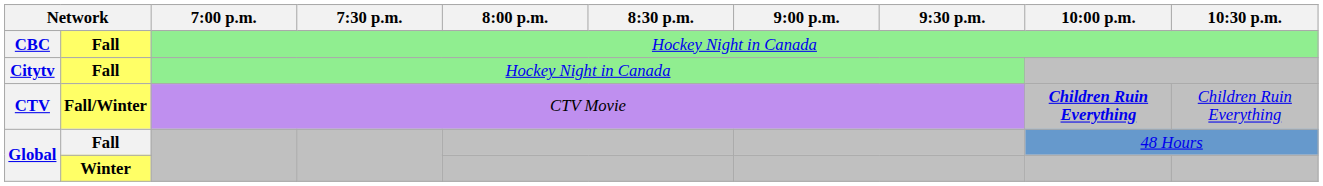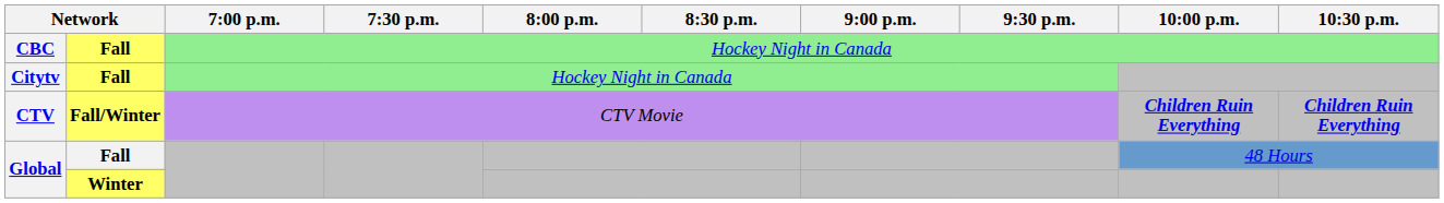 <table class=wikitable style=width:100%;margin-right:0;text-align:center>
 <tr>
 <th style=width:8% colspan=2>Network</th>
 <th style=width:11.5%>7:00 p.m.</th>
 <th style=width:11.5%>7:30 p.m.</th>
 <th style=width:11.5%>8:00 p.m.</th>
 <th style=width:11.5%>8:30 p.m.</th>
 <th style=width:11.5%>9:00 p.m.</th>
 <th style=width:11.5%>9:30 p.m.</th>
 <th style=width:11.5%>10:00 p.m.</th>
 <th style=width:11.5%>10:30 p.m.</th>
 </tr>
 <tr>
 <th><a href='#'>CBC</a></th>
 <th style="background:#FFFF66;">Fall</th>
 <td colspan=8 style=background:lightgreen><em><a href='#'>Hockey Night in Canada</a></em> </td>
 </tr>
 <tr>
 <th><a href='#'>Citytv</a></th>
 <th style="background:#FFFF66;">Fall</th>
 <td colspan=6 style=background:lightgreen><em><a href='#'>Hockey Night in Canada</a></em> </td>
 <td colspan=2 style=background:#C0C0C0> </td>
 </tr>
 <tr>
 <th><a href='#'>CTV</a></th>
 <th style=background:#FFFF66>Fall/Winter</th>
 <td style=background:#BF8FEF colspan=6><em>CTV Movie</em></td>
 <td style=background:#C0C0C0><strong><em><a href='#'>Children Ruin Everything</a></em> </strong></td>
-<td style=background:#C0C0C0><em><a href='#'>Children Ruin Everything</a></em> </td>
+<td style=background:#C0C0C0><strong><em><a href='#'>Children Ruin Everything</a></em> </strong></td>
 </tr>
 <tr>
 <th rowspan=2><a href='#'>Global</a></th>
 <th>Fall</th>
 <td style=background:#C0C0C0 rowspan=2><em></em> </td>
 <td style=background:#C0C0C0 rowspan=2><em></em> </td>
 <td style=background:#C0C0C0 colspan=2><em></em> </td>
 <td style=background:#C0C0C0 colspan=2><em></em> </td>
 <td colspan=2 style=background:#6699CC><em><a href='#'>48 Hours</a></em> </td>
 </tr>
 <tr>
 <th style="background:#FFFF66;">Winter</th>
 <td style=background:#C0C0C0 colspan=2><em></em> </td>
 <td style=background:#C0C0C0 colspan=2><em></em> </td>
 <td style=background:#C0C0C0><em></em> </td>
 <td style=background:#C0C0C0><em></em> </td>
 </tr>
 </table>
